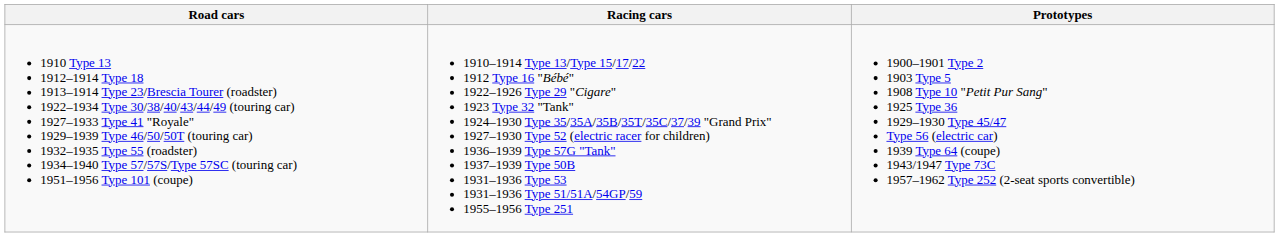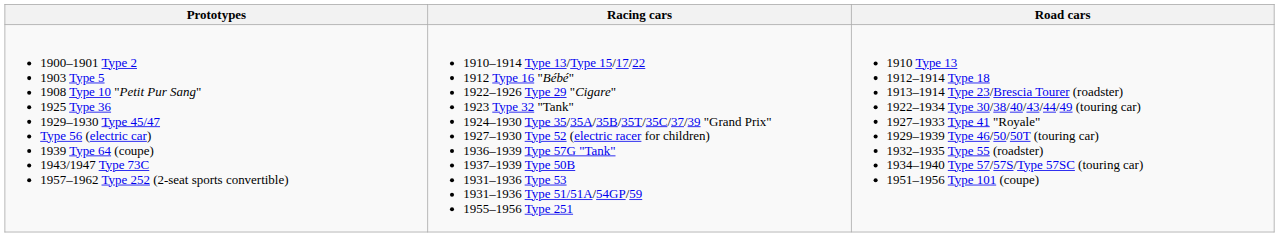 <table class="wikitable" style="margin:auto; width:99%;">
 <tr>
+<th style="width:33%; vertical-align:top;">Prototypes</th>
+<th style="width:33%; vertical-align:top;">Racing cars</th>
 <th style="width:33%; vertical-align:top;">Road cars</th>
-<th style="width:33%; vertical-align:top;">Racing cars</th>
-<th style="width:33%; vertical-align:top;">Prototypes</th>
 </tr>
 <tr>
+<td valign=top><br><ul><li>1900–1901 <a href='#'>Type 2</a></li><li>1903 <a href='#'>Type 5</a></li><li>1908 <a href='#'>Type 10</a> "<em>Petit Pur Sang</em>"</li><li>1925 <a href='#'>Type 36</a></li><li>1929–1930 <a href='#'>Type 45/47</a></li><li><a href='#'>Type 56</a> (<a href='#'>electric car</a>)</li><li>1939 <a href='#'>Type 64</a> (coupe)</li><li>1943/1947 <a href='#'>Type 73C</a></li><li>1957–1962 <a href='#'>Type 252</a> (2-seat sports convertible)</li></ul></td>
+<td valign=top><br><ul><li>1910–1914 <a href='#'>Type 13</a>/<a href='#'>Type 15</a>/<a href='#'>17</a>/<a href='#'>22</a></li><li>1912 <a href='#'>Type 16</a> "<em>Bébé</em>"</li><li>1922–1926 <a href='#'>Type 29</a> "<em>Cigare</em>"</li><li>1923 <a href='#'>Type 32</a> "Tank"</li><li>1924–1930 <a href='#'>Type 35</a>/<a href='#'>35A</a>/<a href='#'>35B</a>/<a href='#'>35T</a>/<a href='#'>35C</a>/<a href='#'>37</a>/<a href='#'>39</a> "Grand Prix"</li><li>1927–1930 <a href='#'>Type 52</a> (<a href='#'>electric racer</a> for children)</li><li>1936–1939 <a href='#'>Type 57G "Tank"</a></li><li>1937–1939 <a href='#'>Type 50B</a></li><li>1931–1936 <a href='#'>Type 53</a></li><li>1931–1936 <a href='#'>Type 51/51A</a>/<a href='#'>54GP</a>/<a href='#'>59</a></li><li>1955–1956 <a href='#'>Type 251</a></li></ul></td>
 <td valign=top><br><ul><li>1910 <a href='#'>Type 13</a></li><li>1912–1914 <a href='#'>Type 18</a></li><li>1913–1914 <a href='#'>Type 23</a>/<a href='#'>Brescia Tourer</a> (roadster)</li><li>1922–1934 <a href='#'>Type 30</a>/<a href='#'>38</a>/<a href='#'>40</a>/<a href='#'>43</a>/<a href='#'>44</a>/<a href='#'>49</a> (touring car)</li><li>1927–1933 <a href='#'>Type 41</a> "Royale"</li><li>1929–1939 <a href='#'>Type 46</a>/<a href='#'>50</a>/<a href='#'>50T</a> (touring car)</li><li>1932–1935 <a href='#'>Type 55</a> (roadster)</li><li>1934–1940 <a href='#'>Type 57</a>/<a href='#'>57S</a>/<a href='#'>Type 57SC</a> (touring car)</li><li>1951–1956 <a href='#'>Type 101</a> (coupe)</li></ul></td>
-<td valign=top><br><ul><li>1910–1914 <a href='#'>Type 13</a>/<a href='#'>Type 15</a>/<a href='#'>17</a>/<a href='#'>22</a></li><li>1912 <a href='#'>Type 16</a> "<em>Bébé</em>"</li><li>1922–1926 <a href='#'>Type 29</a> "<em>Cigare</em>"</li><li>1923 <a href='#'>Type 32</a> "Tank"</li><li>1924–1930 <a href='#'>Type 35</a>/<a href='#'>35A</a>/<a href='#'>35B</a>/<a href='#'>35T</a>/<a href='#'>35C</a>/<a href='#'>37</a>/<a href='#'>39</a> "Grand Prix"</li><li>1927–1930 <a href='#'>Type 52</a> (<a href='#'>electric racer</a> for children)</li><li>1936–1939 <a href='#'>Type 57G "Tank"</a></li><li>1937–1939 <a href='#'>Type 50B</a></li><li>1931–1936 <a href='#'>Type 53</a></li><li>1931–1936 <a href='#'>Type 51/51A</a>/<a href='#'>54GP</a>/<a href='#'>59</a></li><li>1955–1956 <a href='#'>Type 251</a></li></ul></td>
-<td valign=top><br><ul><li>1900–1901 <a href='#'>Type 2</a></li><li>1903 <a href='#'>Type 5</a></li><li>1908 <a href='#'>Type 10</a> "<em>Petit Pur Sang</em>"</li><li>1925 <a href='#'>Type 36</a></li><li>1929–1930 <a href='#'>Type 45/47</a></li><li><a href='#'>Type 56</a> (<a href='#'>electric car</a>)</li><li>1939 <a href='#'>Type 64</a> (coupe)</li><li>1943/1947 <a href='#'>Type 73C</a></li><li>1957–1962 <a href='#'>Type 252</a> (2-seat sports convertible)</li></ul></td>
 </tr>
 </table>
